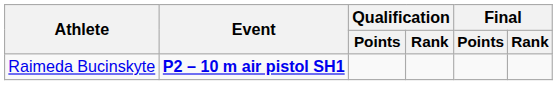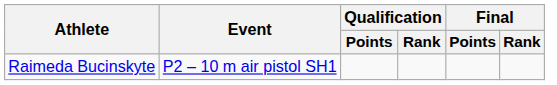 <table class="wikitable" style="font-size:90%">
 <tr>
 <th rowspan="2">Athlete</th>
 <th rowspan="2">Event</th>
 <th colspan="2">Qualification</th>
 <th colspan="2">Final</th>
 </tr>
 <tr style="font-size:95%">
 <th>Points</th>
 <th>Rank</th>
 <th>Points</th>
 <th>Rank</th>
 </tr>
 <tr align=center>
 <td align=left><a href='#'>Raimeda Bucinskyte</a></td>
-<td align=left><strong><a href='#'>P2 – 10 m air pistol SH1</a></strong></td>
+<td align=left><a href='#'>P2 – 10 m air pistol SH1</a></td>
 <td></td>
 <td></td>
 <td></td>
 <td></td>
 </tr>
 </table>
